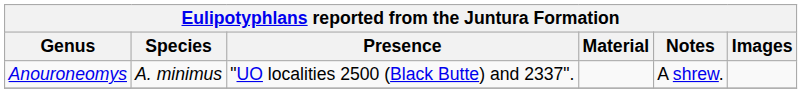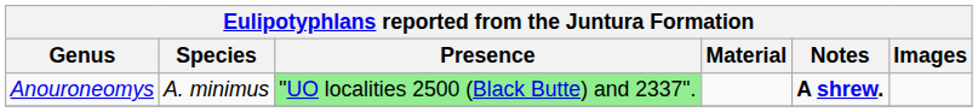 <table class="wikitable" align="center">
 <tr>
 <th colspan="6" align="center"><strong><a href='#'>Eulipotyphlans</a> reported from the Juntura Formation</strong></th>
 </tr>
 <tr>
 <th>Genus</th>
 <th>Species</th>
 <th>Presence</th>
 <th><strong>Material</strong></th>
 <th>Notes</th>
 <th>Images</th>
 </tr>
 <tr>
 <td><em><a href='#'>Anouroneomys</a></em></td>
 <td><em>A. minimus</em></td>
-<td>"<a href='#'>UO</a> localities 2500 (<a href='#'>Black Butte</a>) and 2337".</td>
+<td style="background: lightgreen;">"<a href='#'>UO</a> localities 2500 (<a href='#'>Black Butte</a>) and 2337".</td>
 <td></td>
-<td>A <a href='#'>shrew</a>.</td>
+<td><strong>A <a href='#'>shrew</a>.</strong></td>
 <td></td>
 </tr>
 <tr>
 </tr>
 </table>
